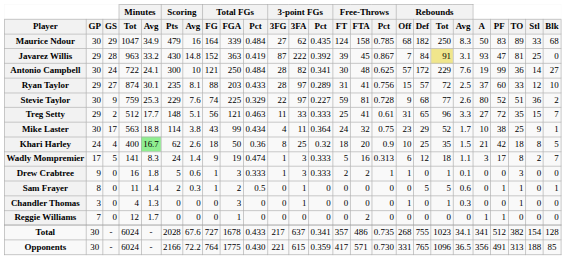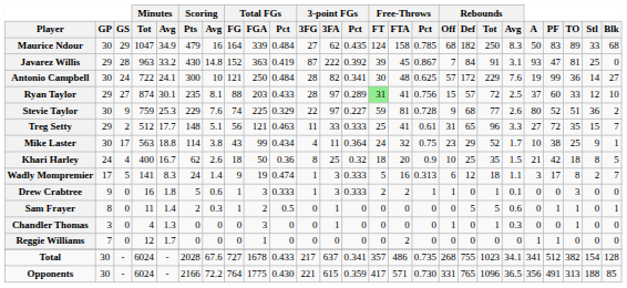 <table class="wikitable sortable" border="1" style="font-size:90%;">
 <tr>
 <th colspan="3" style="border-top-style:hidden; border-left-style:hidden; background: white;"></th>
 <th colspan="2" style=>Minutes</th>
 <th colspan="2" style=>Scoring</th>
 <th colspan="3" style=>Total FGs</th>
 <th colspan="3" style=>3-point FGs</th>
 <th colspan="3" style=>Free-Throws</th>
 <th colspan="4" style=>Rebounds</th>
 <th colspan="5" style="border-top-style:hidden; border-right-style:hidden; background: white;"></th>
 </tr>
 <tr>
 <th scope="col" style=>Player</th>
 <th scope="col" style=>GP</th>
 <th scope="col" style=>GS</th>
 <th scope="col" style=>Tot</th>
 <th scope="col" style=>Avg</th>
 <th scope="col" style=>Pts</th>
 <th scope="col" style=>Avg</th>
 <th scope="col" style=>FG</th>
 <th scope="col" style=>FGA</th>
 <th scope="col" style=>Pct</th>
 <th scope="col" style=>3FG</th>
 <th scope="col" style=>3FA</th>
 <th scope="col" style=>Pct</th>
 <th scope="col" style=>FT</th>
 <th scope="col" style=>FTA</th>
 <th scope="col" style=>Pct</th>
 <th scope="col" style=>Off</th>
 <th scope="col" style=>Def</th>
 <th scope="col" style=>Tot</th>
 <th scope="col" style=>Avg</th>
 <th scope="col" style=>A</th>
 <th scope="col" style=>PF</th>
 <th scope="col" style=>TO</th>
 <th scope="col" style=>Stl</th>
 <th scope="col" style=>Blk</th>
 </tr>
 <tr>
 <th>Maurice Ndour</th>
 <td align="right">30</td>
 <td align="right">29</td>
 <td align="right">1047</td>
 <td align="right">34.9</td>
 <td align="right">479</td>
 <td align="right">16</td>
 <td align="right">164</td>
 <td align="right">339</td>
 <td align="right">0.484</td>
 <td align="right">27</td>
 <td align="right">62</td>
 <td align="right">0.435</td>
 <td align="right">124</td>
 <td align="right">158</td>
 <td align="right">0.785</td>
 <td align="right">68</td>
 <td align="right">182</td>
 <td align="right">250</td>
 <td align="right">8.3</td>
 <td align="right">50</td>
 <td align="right">83</td>
 <td align="right">89</td>
 <td align="right">33</td>
 <td align="right">68</td>
 </tr>
 <tr>
 <th>Javarez Willis</th>
 <td align="right">29</td>
 <td align="right">28</td>
 <td align="right">963</td>
 <td align="right">33.2</td>
 <td align="right">430</td>
 <td align="right">14.8</td>
 <td align="right">152</td>
 <td align="right">363</td>
 <td align="right">0.419</td>
 <td align="right">87</td>
 <td align="right">222</td>
 <td align="right">0.392</td>
 <td align="right">39</td>
 <td align="right">45</td>
 <td align="right">0.867</td>
 <td align="right">7</td>
 <td align="right">84</td>
-<td align="right" style="background: khaki;">91</td>
+<td align="right">91</td>
 <td align="right">3.1</td>
 <td align="right">93</td>
 <td align="right">47</td>
 <td align="right">81</td>
 <td align="right">25</td>
 <td align="right">0</td>
 </tr>
 <tr>
 <th>Antonio Campbell</th>
 <td align="right">30</td>
 <td align="right">24</td>
 <td align="right">722</td>
 <td align="right">24.1</td>
 <td align="right">300</td>
 <td align="right">10</td>
 <td align="right">121</td>
 <td align="right">250</td>
 <td align="right">0.484</td>
 <td align="right">28</td>
 <td align="right">82</td>
 <td align="right">0.341</td>
 <td align="right">30</td>
 <td align="right">48</td>
 <td align="right">0.625</td>
 <td align="right">57</td>
 <td align="right">172</td>
 <td align="right">229</td>
 <td align="right">7.6</td>
 <td align="right">19</td>
 <td align="right">99</td>
 <td align="right">36</td>
 <td align="right">14</td>
 <td align="right">27</td>
 </tr>
 <tr>
 <th>Ryan Taylor</th>
 <td align="right">29</td>
 <td align="right">27</td>
 <td align="right">874</td>
 <td align="right">30.1</td>
 <td align="right">235</td>
 <td align="right">8.1</td>
 <td align="right">88</td>
 <td align="right">203</td>
 <td align="right">0.433</td>
 <td align="right">28</td>
 <td align="right">97</td>
 <td align="right">0.289</td>
-<td align="right">31</td>
+<td align="right" style="background: lightgreen;">31</td>
 <td align="right">41</td>
 <td align="right">0.756</td>
 <td align="right">15</td>
 <td align="right">57</td>
 <td align="right">72</td>
 <td align="right">2.5</td>
 <td align="right">37</td>
 <td align="right">60</td>
 <td align="right">33</td>
 <td align="right">12</td>
 <td align="right">10</td>
 </tr>
 <tr>
 <th>Stevie Taylor</th>
 <td align="right">30</td>
 <td align="right">9</td>
 <td align="right">759</td>
 <td align="right">25.3</td>
 <td align="right">229</td>
 <td align="right">7.6</td>
 <td align="right">74</td>
 <td align="right">225</td>
 <td align="right">0.329</td>
 <td align="right">22</td>
 <td align="right">97</td>
 <td align="right">0.227</td>
 <td align="right">59</td>
 <td align="right">81</td>
 <td align="right">0.728</td>
 <td align="right">9</td>
 <td align="right">68</td>
 <td align="right">77</td>
 <td align="right">2.6</td>
 <td align="right">80</td>
 <td align="right">52</td>
 <td align="right">51</td>
 <td align="right">36</td>
 <td align="right">2</td>
 </tr>
 <tr>
 <th>Treg Setty</th>
 <td align="right">29</td>
 <td align="right">2</td>
 <td align="right">512</td>
 <td align="right">17.7</td>
 <td align="right">148</td>
 <td align="right">5.1</td>
 <td align="right">56</td>
 <td align="right">121</td>
 <td align="right">0.463</td>
 <td align="right">11</td>
 <td align="right">33</td>
 <td align="right">0.333</td>
 <td align="right">25</td>
 <td align="right">41</td>
 <td align="right">0.61</td>
 <td align="right">31</td>
 <td align="right">65</td>
 <td align="right">96</td>
 <td align="right">3.3</td>
 <td align="right">27</td>
 <td align="right">72</td>
 <td align="right">35</td>
 <td align="right">15</td>
 <td align="right">7</td>
 </tr>
 <tr>
 <th>Mike Laster</th>
 <td align="right">30</td>
 <td align="right">17</td>
 <td align="right">563</td>
 <td align="right">18.8</td>
 <td align="right">114</td>
 <td align="right">3.8</td>
 <td align="right">43</td>
 <td align="right">99</td>
 <td align="right">0.434</td>
 <td align="right">4</td>
 <td align="right">11</td>
 <td align="right">0.364</td>
 <td align="right">24</td>
 <td align="right">32</td>
 <td align="right">0.75</td>
 <td align="right">23</td>
 <td align="right">29</td>
 <td align="right">52</td>
 <td align="right">1.7</td>
 <td align="right">10</td>
 <td align="right">38</td>
 <td align="right">25</td>
 <td align="right">9</td>
 <td align="right">1</td>
 </tr>
 <tr>
 <th>Khari Harley</th>
 <td align="right">24</td>
 <td align="right">4</td>
 <td align="right">400</td>
-<td align="right" style="background: lightgreen;">16.7</td>
+<td align="right">16.7</td>
 <td align="right">62</td>
 <td align="right">2.6</td>
 <td align="right">18</td>
 <td align="right">50</td>
 <td align="right">0.36</td>
 <td align="right">8</td>
 <td align="right">25</td>
 <td align="right">0.32</td>
 <td align="right">18</td>
 <td align="right">20</td>
 <td align="right">0.9</td>
 <td align="right">10</td>
 <td align="right">25</td>
 <td align="right">35</td>
 <td align="right">1.5</td>
 <td align="right">21</td>
 <td align="right">42</td>
 <td align="right">18</td>
 <td align="right">8</td>
 <td align="right">5</td>
 </tr>
 <tr>
 <th>Wadly Mompremier</th>
 <td align="right">17</td>
 <td align="right">5</td>
 <td align="right">141</td>
 <td align="right">8.3</td>
 <td align="right">24</td>
 <td align="right">1.4</td>
 <td align="right">9</td>
 <td align="right">19</td>
 <td align="right">0.474</td>
 <td align="right">1</td>
 <td align="right">3</td>
 <td align="right">0.333</td>
 <td align="right">5</td>
 <td align="right">16</td>
 <td align="right">0.313</td>
 <td align="right">6</td>
 <td align="right">12</td>
 <td align="right">18</td>
 <td align="right">1.1</td>
 <td align="right">3</td>
 <td align="right">17</td>
 <td align="right">8</td>
 <td align="right">2</td>
 <td align="right">7</td>
 </tr>
 <tr>
 <th>Drew Crabtree</th>
 <td align="right">9</td>
 <td align="right">0</td>
 <td align="right">16</td>
 <td align="right">1.8</td>
 <td align="right">5</td>
 <td align="right">0.6</td>
 <td align="right">1</td>
 <td align="right">3</td>
 <td align="right">0.333</td>
 <td align="right">1</td>
 <td align="right">3</td>
 <td align="right">0.333</td>
 <td align="right">2</td>
 <td align="right">2</td>
 <td align="right">1</td>
 <td align="right">1</td>
 <td align="right">0</td>
 <td align="right">1</td>
 <td align="right">0.1</td>
 <td align="right">0</td>
 <td align="right">0</td>
 <td align="right">3</td>
 <td align="right">0</td>
 <td align="right">0</td>
 </tr>
 <tr>
 <th>Sam Frayer</th>
 <td align="right">8</td>
 <td align="right">0</td>
 <td align="right">11</td>
 <td align="right">1.4</td>
 <td align="right">2</td>
 <td align="right">0.3</td>
 <td align="right">1</td>
 <td align="right">2</td>
 <td align="right">0.5</td>
 <td align="right">0</td>
 <td align="right">1</td>
 <td align="right">0</td>
 <td align="right">0</td>
 <td align="right">0</td>
 <td align="right">0</td>
 <td align="right">0</td>
 <td align="right">5</td>
 <td align="right">5</td>
 <td align="right">0.6</td>
 <td align="right">0</td>
 <td align="right">1</td>
 <td align="right">1</td>
 <td align="right">0</td>
 <td align="right">1</td>
 </tr>
 <tr>
 <th>Chandler Thomas</th>
 <td align="right">3</td>
 <td align="right">0</td>
 <td align="right">4</td>
 <td align="right">1.3</td>
 <td align="right">0</td>
 <td align="right">0</td>
 <td align="right">0</td>
 <td align="right">3</td>
 <td align="right">0</td>
 <td align="right">0</td>
 <td align="right">1</td>
 <td align="right">0</td>
 <td align="right">0</td>
 <td align="right">0</td>
 <td align="right">0</td>
 <td align="right">1</td>
 <td align="right">0</td>
 <td align="right">1</td>
 <td align="right">0.3</td>
 <td align="right">0</td>
 <td align="right">0</td>
 <td align="right">1</td>
 <td align="right">0</td>
 <td align="right">0</td>
 </tr>
 <tr>
 <th>Reggie Williams</th>
 <td align="right">7</td>
 <td align="right">0</td>
 <td align="right">12</td>
 <td align="right">1.7</td>
 <td align="right">0</td>
 <td align="right">0</td>
 <td align="right">0</td>
 <td align="right">1</td>
 <td align="right">0</td>
 <td align="right">0</td>
 <td align="right">0</td>
 <td align="right">0</td>
 <td align="right">0</td>
 <td align="right">2</td>
 <td align="right">0</td>
 <td align="right">0</td>
 <td align="right">0</td>
 <td align="right">0</td>
 <td align="right">0</td>
 <td align="right">1</td>
 <td align="right">1</td>
 <td align="right">0</td>
 <td align="right">0</td>
 <td align="right">0</td>
 </tr>
 <tr>
 </tr>
 <tr class="sortbottom">
 <td align="center" style=><strong>Total</strong></td>
 <td align="center" style=>30</td>
 <td align="center" style=>-</td>
 <td align="center" style=>6024</td>
 <td align="center" style=>-</td>
 <td align="center" style=>2028</td>
 <td align="center" style=>67.6</td>
 <td align="center" style=>727</td>
 <td align="center" style=>1678</td>
 <td align="center" style=>0.433</td>
 <td align="center" style=>217</td>
 <td align="center" style=>637</td>
 <td align="center" style=>0.341</td>
 <td align="center" style=>357</td>
 <td align="center" style=>486</td>
 <td align="center" style=>0.735</td>
 <td align="center" style=>268</td>
 <td align="center" style=>755</td>
 <td align="center" style=>1023</td>
 <td align="center" style=>34.1</td>
 <td align="center" style=>341</td>
 <td align="center" style=>512</td>
 <td align="center" style=>382</td>
 <td align="center" style=>154</td>
 <td align="center" style=>128</td>
 </tr>
 <tr class="sortbottom">
 <td align="center"><strong>Opponents</strong></td>
 <td align="center">30</td>
 <td align="center">-</td>
 <td align="center">6024</td>
 <td align="center">-</td>
 <td align="center">2166</td>
 <td align="center">72.2</td>
 <td align="center">764</td>
 <td align="center">1775</td>
 <td align="center">0.430</td>
 <td align="center">221</td>
 <td align="center">615</td>
 <td align="center">0.359</td>
 <td align="center">417</td>
 <td align="center">571</td>
 <td align="center">0.730</td>
 <td align="center">331</td>
 <td align="center">765</td>
 <td align="center">1096</td>
 <td align="center">36.5</td>
 <td align="center">356</td>
 <td align="center">491</td>
 <td align="center">313</td>
 <td align="center">188</td>
 <td align="center">85</td>
 </tr>
 </table>
